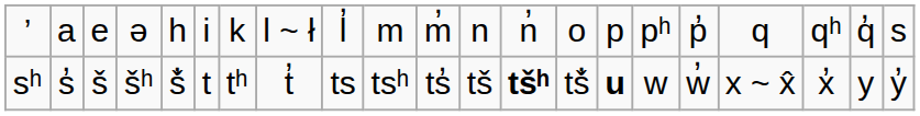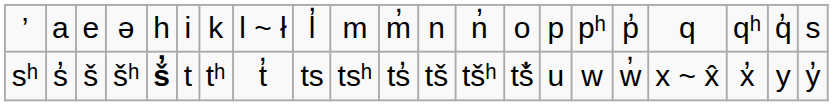 <table class="wikitable" style="text-align: center;">
 <tr>
 <td>’</td>
 <td>a</td>
 <td>e</td>
 <td>ǝ</td>
 <td>h</td>
 <td>i</td>
 <td>k</td>
 <td>l ~ ł</td>
 <td>l̓</td>
 <td>m</td>
 <td>m̓</td>
 <td>n</td>
 <td>n̓</td>
 <td>o</td>
 <td>p</td>
 <td>pʰ</td>
 <td>p̓</td>
 <td>q</td>
 <td>qʰ</td>
 <td>q̓</td>
 <td>s</td>
 </tr>
 <tr>
 <td>sʰ</td>
 <td>s̓</td>
 <td>š</td>
 <td>šʰ</td>
-<td>š̓</td>
+<td><strong>š̓</strong></td>
 <td>t</td>
 <td>tʰ</td>
 <td>t̓</td>
 <td>ts</td>
 <td>tsʰ</td>
 <td>ts̓</td>
 <td>tš</td>
-<td><strong>tšʰ</strong></td>
+<td>tšʰ</td>
 <td>tš̓</td>
-<td><strong>u</strong></td>
+<td>u</td>
 <td>w</td>
 <td>w̓</td>
 <td>x ~ x̂</td>
 <td>x̓</td>
 <td>y</td>
 <td>y̓</td>
 </tr>
 </table>
